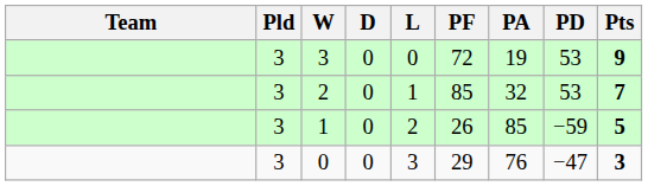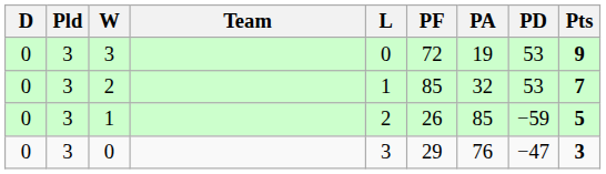 <table class="wikitable" style="text-align:center;">
 <tr>
-<th width=175>Team</th>
+<th width=25 abbr="Drawn">D</th>
 <th width=25 abbr="Played">Pld</th>
 <th width=25 abbr="Won">W</th>
-<th width=25 abbr="Drawn">D</th>
+<th width=175>Team</th>
 <th width=25 abbr="Lost">L</th>
 <th width=32 abbr="Points for">PF</th>
 <th width=32 abbr="Points against">PA</th>
 <th width=32 abbr="Points difference">PD</th>
 <th width=25 abbr="Points">Pts</th>
 </tr>
 <tr bgcolor=ccffcc>
-<td align=left></td>
+<td>0</td>
 <td>3</td>
 <td>3</td>
-<td>0</td>
+<td align=left></td>
 <td>0</td>
 <td>72</td>
 <td>19</td>
 <td>53</td>
 <td><strong>9</strong></td>
 </tr>
 <tr bgcolor=ccffcc>
-<td align=left></td>
+<td>0</td>
 <td>3</td>
 <td>2</td>
-<td>0</td>
+<td align=left></td>
 <td>1</td>
 <td>85</td>
 <td>32</td>
 <td>53</td>
 <td><strong>7</strong></td>
 </tr>
 <tr bgcolor=ccffcc>
-<td align=left></td>
+<td>0</td>
 <td>3</td>
 <td>1</td>
-<td>0</td>
+<td align=left></td>
 <td>2</td>
 <td>26</td>
 <td>85</td>
 <td>−59</td>
 <td><strong>5</strong></td>
 </tr>
 <tr>
-<td align=left></td>
+<td>0</td>
 <td>3</td>
 <td>0</td>
-<td>0</td>
+<td align=left></td>
 <td>3</td>
 <td>29</td>
 <td>76</td>
 <td>−47</td>
 <td><strong>3</strong></td>
 </tr>
 </table>
